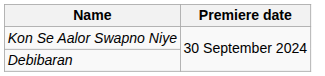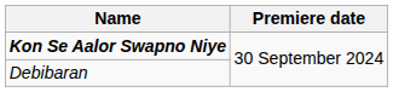 <table class="wikitable sortable">
 <tr>
 <th>Name</th>
 <th>Premiere date</th>
 </tr>
 <tr>
-<td><em>Kon Se Aalor Swapno Niye</em></td>
+<td><strong><em>Kon Se Aalor Swapno Niye</em></strong></td>
 <td rowspan="2">30 September 2024</td>
 </tr>
 <tr>
 <td><em>Debibaran</em></td>
 </tr>
 </table>
